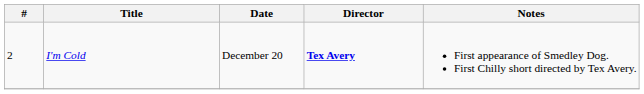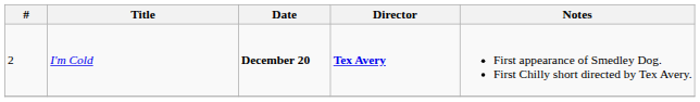 <table class="wikitable">
 <tr>
 <th style="width:3em">#</th>
 <th style="width:15em">Title</th>
 <th style="width:7em">Date</th>
 <th style="width:10em">Director</th>
 <th>Notes</th>
 </tr>
 <tr>
 <td>2</td>
 <td><em><a href='#'>I'm Cold</a></em></td>
-<td>December 20</td>
+<td><strong>December 20</strong></td>
 <td><strong><a href='#'>Tex Avery</a></strong></td>
 <td><br><ul><li>First appearance of Smedley Dog.</li><li>First Chilly short directed by Tex Avery.</li></ul></td>
 </tr>
 <tr>
 </tr>
 </table>
